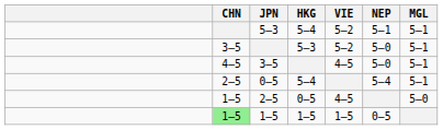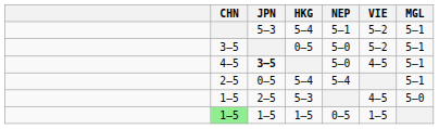 <table class="wikitable" style="text-align:center">
 <tr>
 <th width="250"> </th>
 <th width="40">CHN</th>
 <th width="40">JPN</th>
 <th width="40">HKG</th>
+<th width="40">NEP</th>
 <th width="40">VIE</th>
-<th width="40">NEP</th>
 <th width="40">MGL</th>
 </tr>
 <tr>
 <td align=left></td>
 <th></th>
 <td>5–3</td>
 <td>5–4</td>
+<td>5–1</td>
 <td>5–2</td>
-<td>5–1</td>
 <td>5–1</td>
 </tr>
 <tr>
 <td align=left></td>
 <td>3–5</td>
 <th></th>
-<td>5–3</td>
+<td>0–5</td>
+<td>5–0</td>
 <td>5–2</td>
-<td>5–0</td>
 <td>5–1</td>
 </tr>
 <tr>
 <td align=left></td>
 <td>4–5</td>
-<td>3–5</td>
+<td><strong>3–5</strong></td>
 <th></th>
+<td>5–0</td>
 <td>4–5</td>
-<td>5–0</td>
 <td>5–1</td>
 </tr>
 <tr>
 <td align=left></td>
 <td>2–5</td>
 <td>0–5</td>
 <td>5–4</td>
+<td>5–4</td>
 <th></th>
-<td>5–4</td>
 <td>5–1</td>
 </tr>
 <tr>
 <td align=left></td>
 <td>1–5</td>
 <td>2–5</td>
-<td>0–5</td>
+<td>5–3</td>
+<th></th>
 <td>4–5</td>
-<th></th>
 <td>5–0</td>
 </tr>
 <tr>
 <td align=left></td>
 <td style="background: lightgreen;">1–5</td>
 <td>1–5</td>
 <td>1–5</td>
+<td>0–5</td>
 <td>1–5</td>
-<td>0–5</td>
 <th></th>
 </tr>
 </table>
